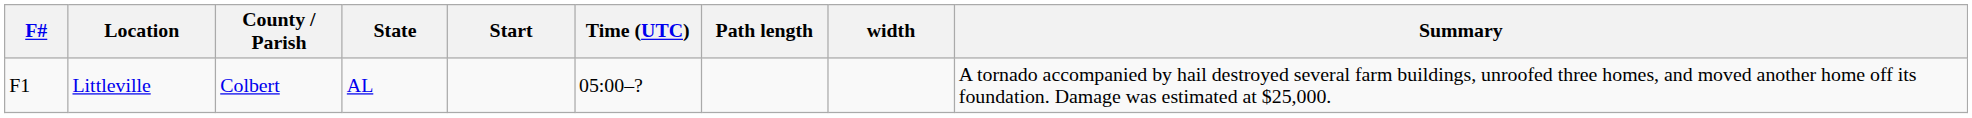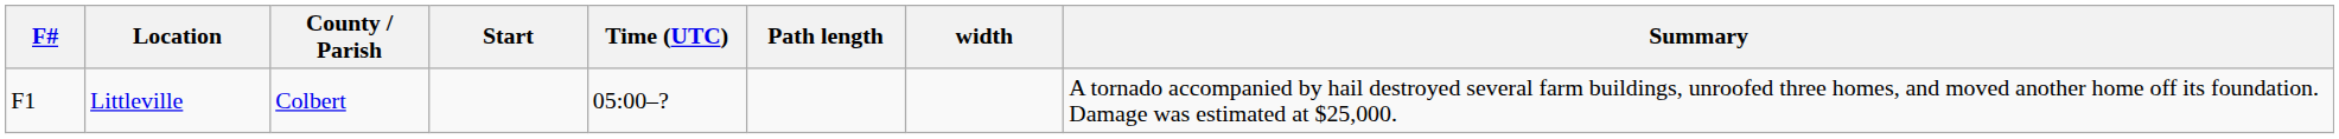 <table class="wikitable sortable" style="width:100%;">
 <tr>
 <th scope="col"  style="width:3%; text-align:center;"><a href='#'>F#</a></th>
 <th scope="col"  style="width:7%; text-align:center;" class="unsortable">Location</th>
 <th scope="col"  style="width:6%; text-align:center;" class="unsortable">County / Parish</th>
-<th scope="col"  style="width:5%; text-align:center;">State</th>
 <th scope="col"  style="width:6%; text-align:center;">Start<br></th>
 <th scope="col"  style="width:6%; text-align:center;">Time (<a href='#'>UTC</a>)</th>
 <th scope="col"  style="width:6%; text-align:center;">Path length</th>
 <th scope="col"  style="width:6%; text-align:center;"> width</th>
 <th scope="col" class="unsortable" style="width:48%; text-align:center;">Summary</th>
 </tr>
 <tr>
 <td>F1</td>
 <td><a href='#'>Littleville</a></td>
 <td><a href='#'>Colbert</a></td>
-<td><a href='#'>AL</a></td>
 <td></td>
 <td>05:00–?</td>
 <td></td>
 <td></td>
 <td>A tornado accompanied by  hail destroyed several farm buildings, unroofed three homes, and moved another home off its foundation. Damage was estimated at $25,000.</td>
 </tr>
 </table>
